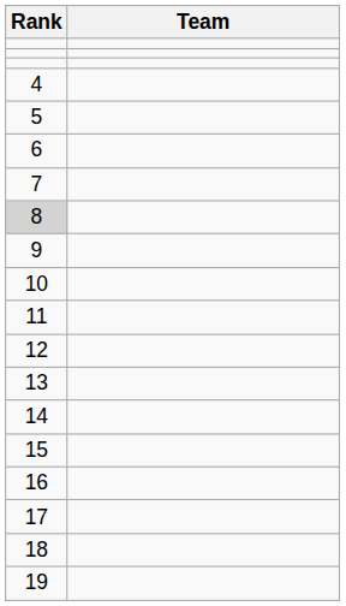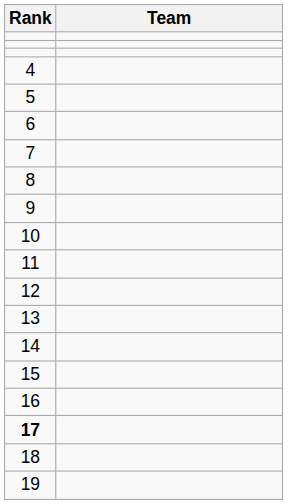 <table class="wikitable" style="text-align:center;">
 <tr>
 <th width=40>Rank</th>
 <th width=200>Team</th>
 </tr>
 <tr>
 <td></td>
 <td style="text-align:left;"></td>
 </tr>
 <tr>
 <td></td>
 <td style="text-align:left;"></td>
 </tr>
 <tr>
 <td></td>
 <td style="text-align:left;"></td>
 </tr>
 <tr>
 <td>4</td>
 <td style="text-align:left;"></td>
 </tr>
 <tr>
 <td>5</td>
 <td style="text-align:left;"></td>
 </tr>
 <tr>
 <td>6</td>
 <td style="text-align:left;"></td>
 </tr>
 <tr>
 <td>7</td>
 <td style="text-align:left;"></td>
 </tr>
 <tr>
-<td style="background: lightgrey;">8</td>
+<td>8</td>
 <td style="text-align:left;"></td>
 </tr>
 <tr>
 <td>9</td>
 <td style="text-align:left;"></td>
 </tr>
 <tr>
 <td>10</td>
 <td style="text-align:left;"></td>
 </tr>
 <tr>
 <td>11</td>
 <td style="text-align:left;"></td>
 </tr>
 <tr>
 <td>12</td>
 <td style="text-align:left;"></td>
 </tr>
 <tr>
 <td>13</td>
 <td style="text-align:left;"></td>
 </tr>
 <tr>
 <td>14</td>
 <td style="text-align:left;"></td>
 </tr>
 <tr>
 <td>15</td>
 <td style="text-align:left;"></td>
 </tr>
 <tr>
 <td>16</td>
 <td style="text-align:left;"></td>
 </tr>
 <tr>
-<td>17</td>
+<td><strong>17</strong></td>
 <td style="text-align:left;"></td>
 </tr>
 <tr>
 <td>18</td>
 <td style="text-align:left;"></td>
 </tr>
 <tr>
 <td>19</td>
 <td style="text-align:left;"></td>
 </tr>
 </table>
